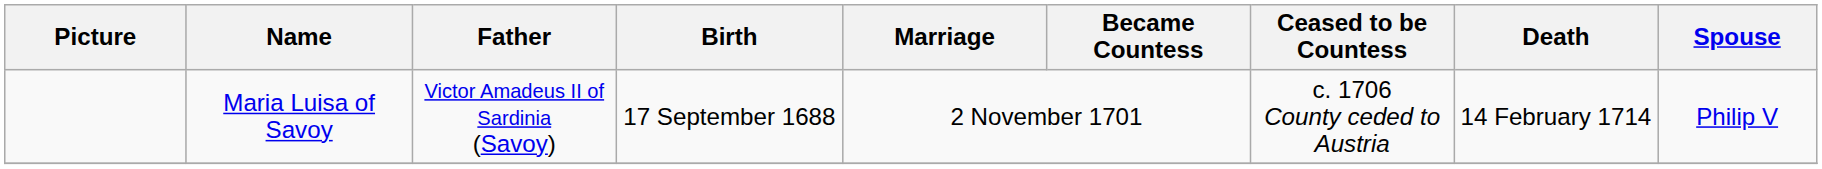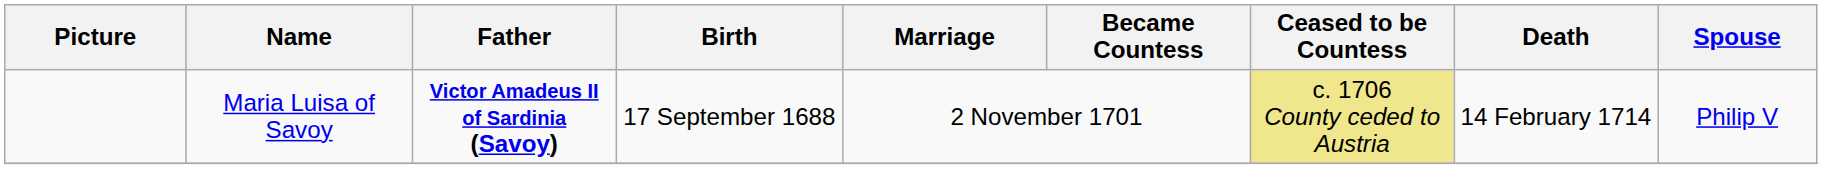 <table width=95% class="wikitable">
 <tr>
 <th width = "8%">Picture</th>
 <th width = "10%">Name</th>
 <th width = "9%">Father</th>
 <th width = "10%">Birth</th>
 <th width = "9%">Marriage</th>
 <th width = "9%">Became Countess</th>
 <th width = "9%">Ceased to be Countess</th>
 <th width = "9%">Death</th>
 <th width = "7%"><a href='#'>Spouse</a></th>
 </tr>
 <tr>
 <td align="center"></td>
 <td align="center"><a href='#'>Maria Luisa of Savoy</a></td>
-<td align="center"><small><a href='#'>Victor Amadeus II of Sardinia</a></small><br>(<a href='#'>Savoy</a>)</td>
+<td align="center"><strong><small><a href='#'>Victor Amadeus II of Sardinia</a></small><br>(<a href='#'>Savoy</a>)</strong></td>
 <td align="center">17 September 1688</td>
 <td align="center" colspan="2">2 November 1701</td>
-<td align="center">c. 1706<br><em>County ceded to Austria</em></td>
+<td align="center" style="background: khaki;">c. 1706<br><em>County ceded to Austria</em></td>
 <td align="center">14 February 1714</td>
 <td align="center"><a href='#'>Philip V</a></td>
 </tr>
 <tr>
 </tr>
 </table>
